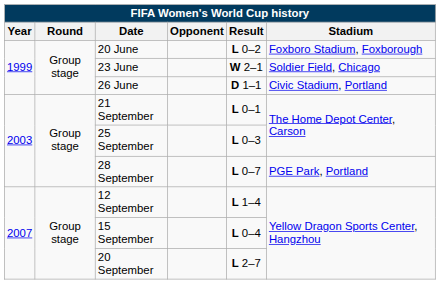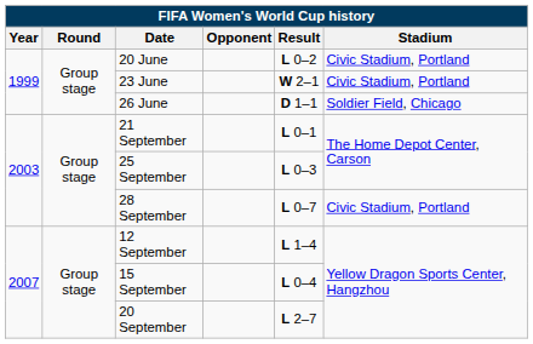 <table class="wikitable" style="text-align: center;font-size:100%;">
 <tr>
 <th colspan=6 style="background: #013A5E; color: #FFFFFF;">FIFA Women's World Cup history</th>
 </tr>
 <tr>
 <th>Year</th>
 <th>Round</th>
 <th>Date</th>
 <th>Opponent</th>
 <th>Result</th>
 <th>Stadium</th>
 </tr>
 <tr>
 <td rowspan=3> <a href='#'>1999</a></td>
 <td rowspan=3>Group stage</td>
 <td align="left">20 June</td>
 <td align="left"></td>
 <td><strong>L</strong> 0–2</td>
-<td align="left"><a href='#'>Foxboro Stadium</a>, <a href='#'>Foxborough</a></td>
+<td align="left"><a href='#'>Civic Stadium</a>, <a href='#'>Portland</a></td>
 </tr>
 <tr>
 <td align="left">23 June</td>
 <td align="left"></td>
 <td><strong>W</strong> 2–1</td>
-<td align="left"><a href='#'>Soldier Field</a>, <a href='#'>Chicago</a></td>
+<td align="left"><a href='#'>Civic Stadium</a>, <a href='#'>Portland</a></td>
 </tr>
 <tr>
 <td align="left">26 June</td>
 <td align="left"></td>
 <td><strong>D</strong> 1–1</td>
-<td align="left"><a href='#'>Civic Stadium</a>, <a href='#'>Portland</a></td>
+<td align="left"><a href='#'>Soldier Field</a>, <a href='#'>Chicago</a></td>
 </tr>
 <tr>
 <td rowspan=3> <a href='#'>2003</a></td>
 <td rowspan=3>Group stage</td>
 <td align="left">21 September</td>
 <td align="left"></td>
 <td><strong>L</strong> 0–1</td>
 <td rowspan=2 align="left"><a href='#'>The Home Depot Center</a>, <a href='#'>Carson</a></td>
 </tr>
 <tr>
 <td align="left">25 September</td>
 <td align="left"></td>
 <td><strong>L</strong> 0–3</td>
 </tr>
 <tr>
 <td align="left">28 September</td>
 <td align="left"></td>
 <td><strong>L</strong> 0–7</td>
-<td align="left"><a href='#'>PGE Park</a>, <a href='#'>Portland</a></td>
+<td align="left"><a href='#'>Civic Stadium</a>, <a href='#'>Portland</a></td>
 </tr>
 <tr>
 <td rowspan=3> <a href='#'>2007</a></td>
 <td rowspan=3>Group stage</td>
 <td align="left">12 September</td>
 <td align="left"></td>
 <td><strong>L</strong> 1–4</td>
 <td rowspan=3 align="left"><a href='#'>Yellow Dragon Sports Center</a>, <a href='#'>Hangzhou</a></td>
 </tr>
 <tr>
 <td align="left">15 September</td>
 <td align="left"></td>
 <td><strong>L</strong> 0–4</td>
 </tr>
 <tr>
 <td align="left">20 September</td>
 <td align="left"></td>
 <td><strong>L</strong> 2–7</td>
 </tr>
 </table>
